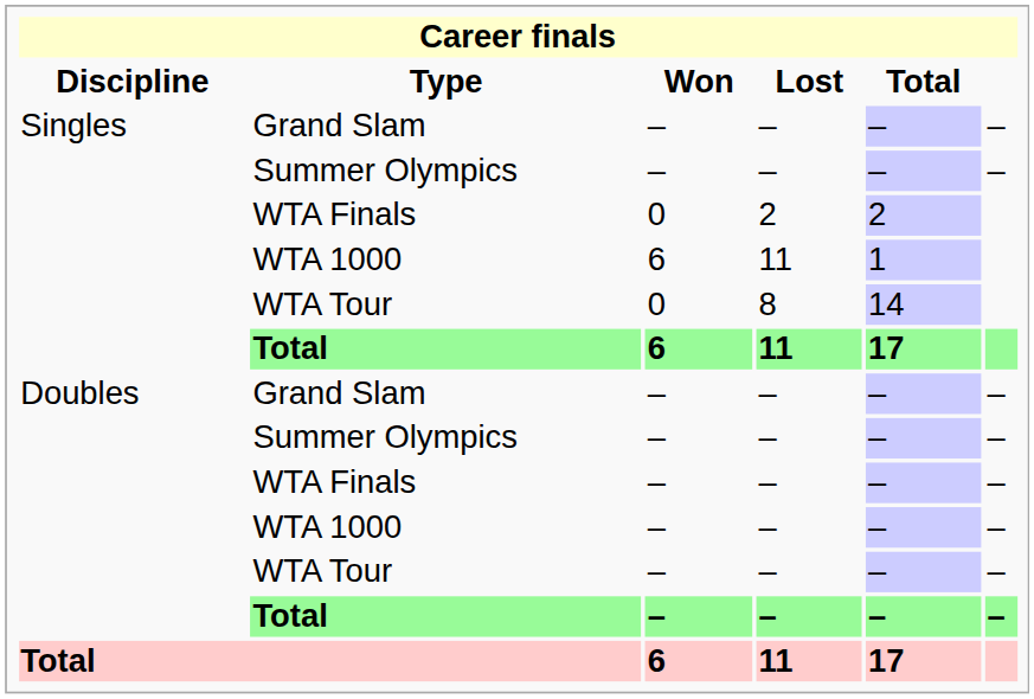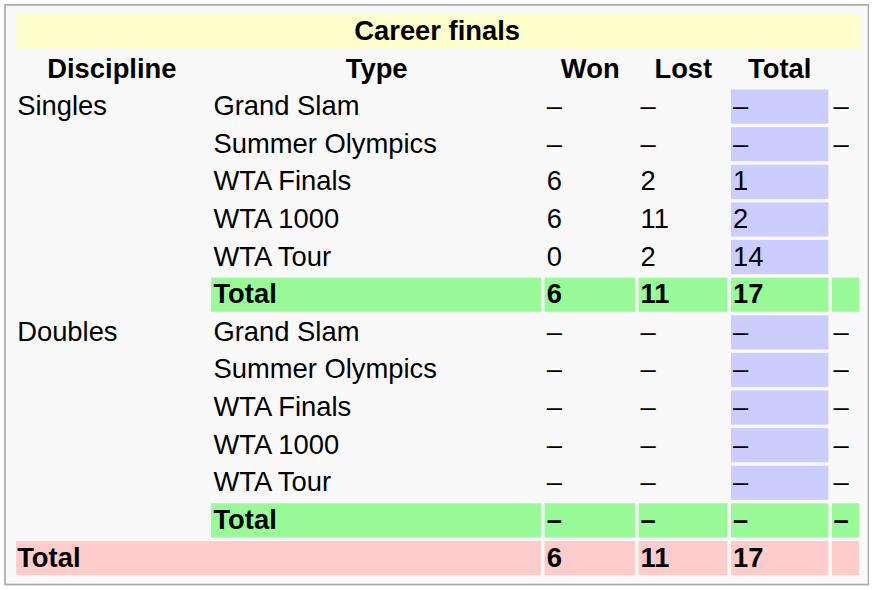 <table class="infobox vcard vevent nowrap" width="40%">
 <tr bgcolor="#ffffcc">
 <th colspan="6">Career finals</th>
 </tr>
 <tr>
 <th>Discipline</th>
 <th>Type</th>
 <th>Won</th>
 <th>Lost</th>
 <th>Total</th>
 <th></th>
 </tr>
 <tr>
 <td rowspan="6">Singles</td>
 <td>Grand Slam</td>
 <td>–</td>
 <td>–</td>
 <td bgcolor="#ccccff">–</td>
 <td>–</td>
 </tr>
 <tr>
 <td Summer Olympics>Summer Olympics</td>
 <td>–</td>
 <td>–</td>
 <td bgcolor="#ccccff">–</td>
 <td>–</td>
 </tr>
 <tr>
 <td>WTA Finals</td>
-<td>0</td>
+<td>6</td>
 <td>2</td>
-<td bgcolor="#ccccff">2</td>
+<td bgcolor="#ccccff">1</td>
 <td></td>
 </tr>
 <tr>
 <td>WTA 1000</td>
 <td>6</td>
 <td>11</td>
-<td bgcolor="#ccccff">1</td>
+<td bgcolor="#ccccff">2</td>
 <td></td>
 </tr>
 <tr>
 <td>WTA Tour</td>
 <td>0</td>
-<td>8</td>
+<td>2</td>
 <td style="background:#ccf;">14</td>
 <td></td>
 </tr>
 <tr style=background:#98FB98;font-weight:bold>
 <td>Total</td>
 <td>6</td>
 <td>11</td>
 <td>17</td>
 <td></td>
 </tr>
 <tr>
 <td rowspan="6">Doubles</td>
 <td>Grand Slam</td>
 <td>–</td>
 <td>–</td>
 <td bgcolor="#ccccff">–</td>
 <td>–</td>
 </tr>
 <tr>
 <td>Summer Olympics</td>
 <td>–</td>
 <td>–</td>
 <td bgcolor="#ccccff">–</td>
 <td>–</td>
 </tr>
 <tr>
 <td>WTA Finals</td>
 <td>–</td>
 <td>–</td>
 <td bgcolor="#ccccff">–</td>
 <td>–</td>
 </tr>
 <tr>
 <td>WTA 1000</td>
 <td>–</td>
 <td>–</td>
 <td bgcolor="#ccccff">–</td>
 <td>–</td>
 </tr>
 <tr>
 <td>WTA Tour</td>
 <td>–</td>
 <td>–</td>
 <td bgcolor="#ccccff">–</td>
 <td>–</td>
 </tr>
 <tr style=background:#98FB98;font-weight:bold>
 <td>Total</td>
 <td>–</td>
 <td>–</td>
 <td>–</td>
 <td>–</td>
 </tr>
 <tr style="background:#ffcccc;font-weight:bold">
 <td colspan="2">Total</td>
 <td>6</td>
 <td>11</td>
 <td>17</td>
 <td></td>
 </tr>
 </table>
